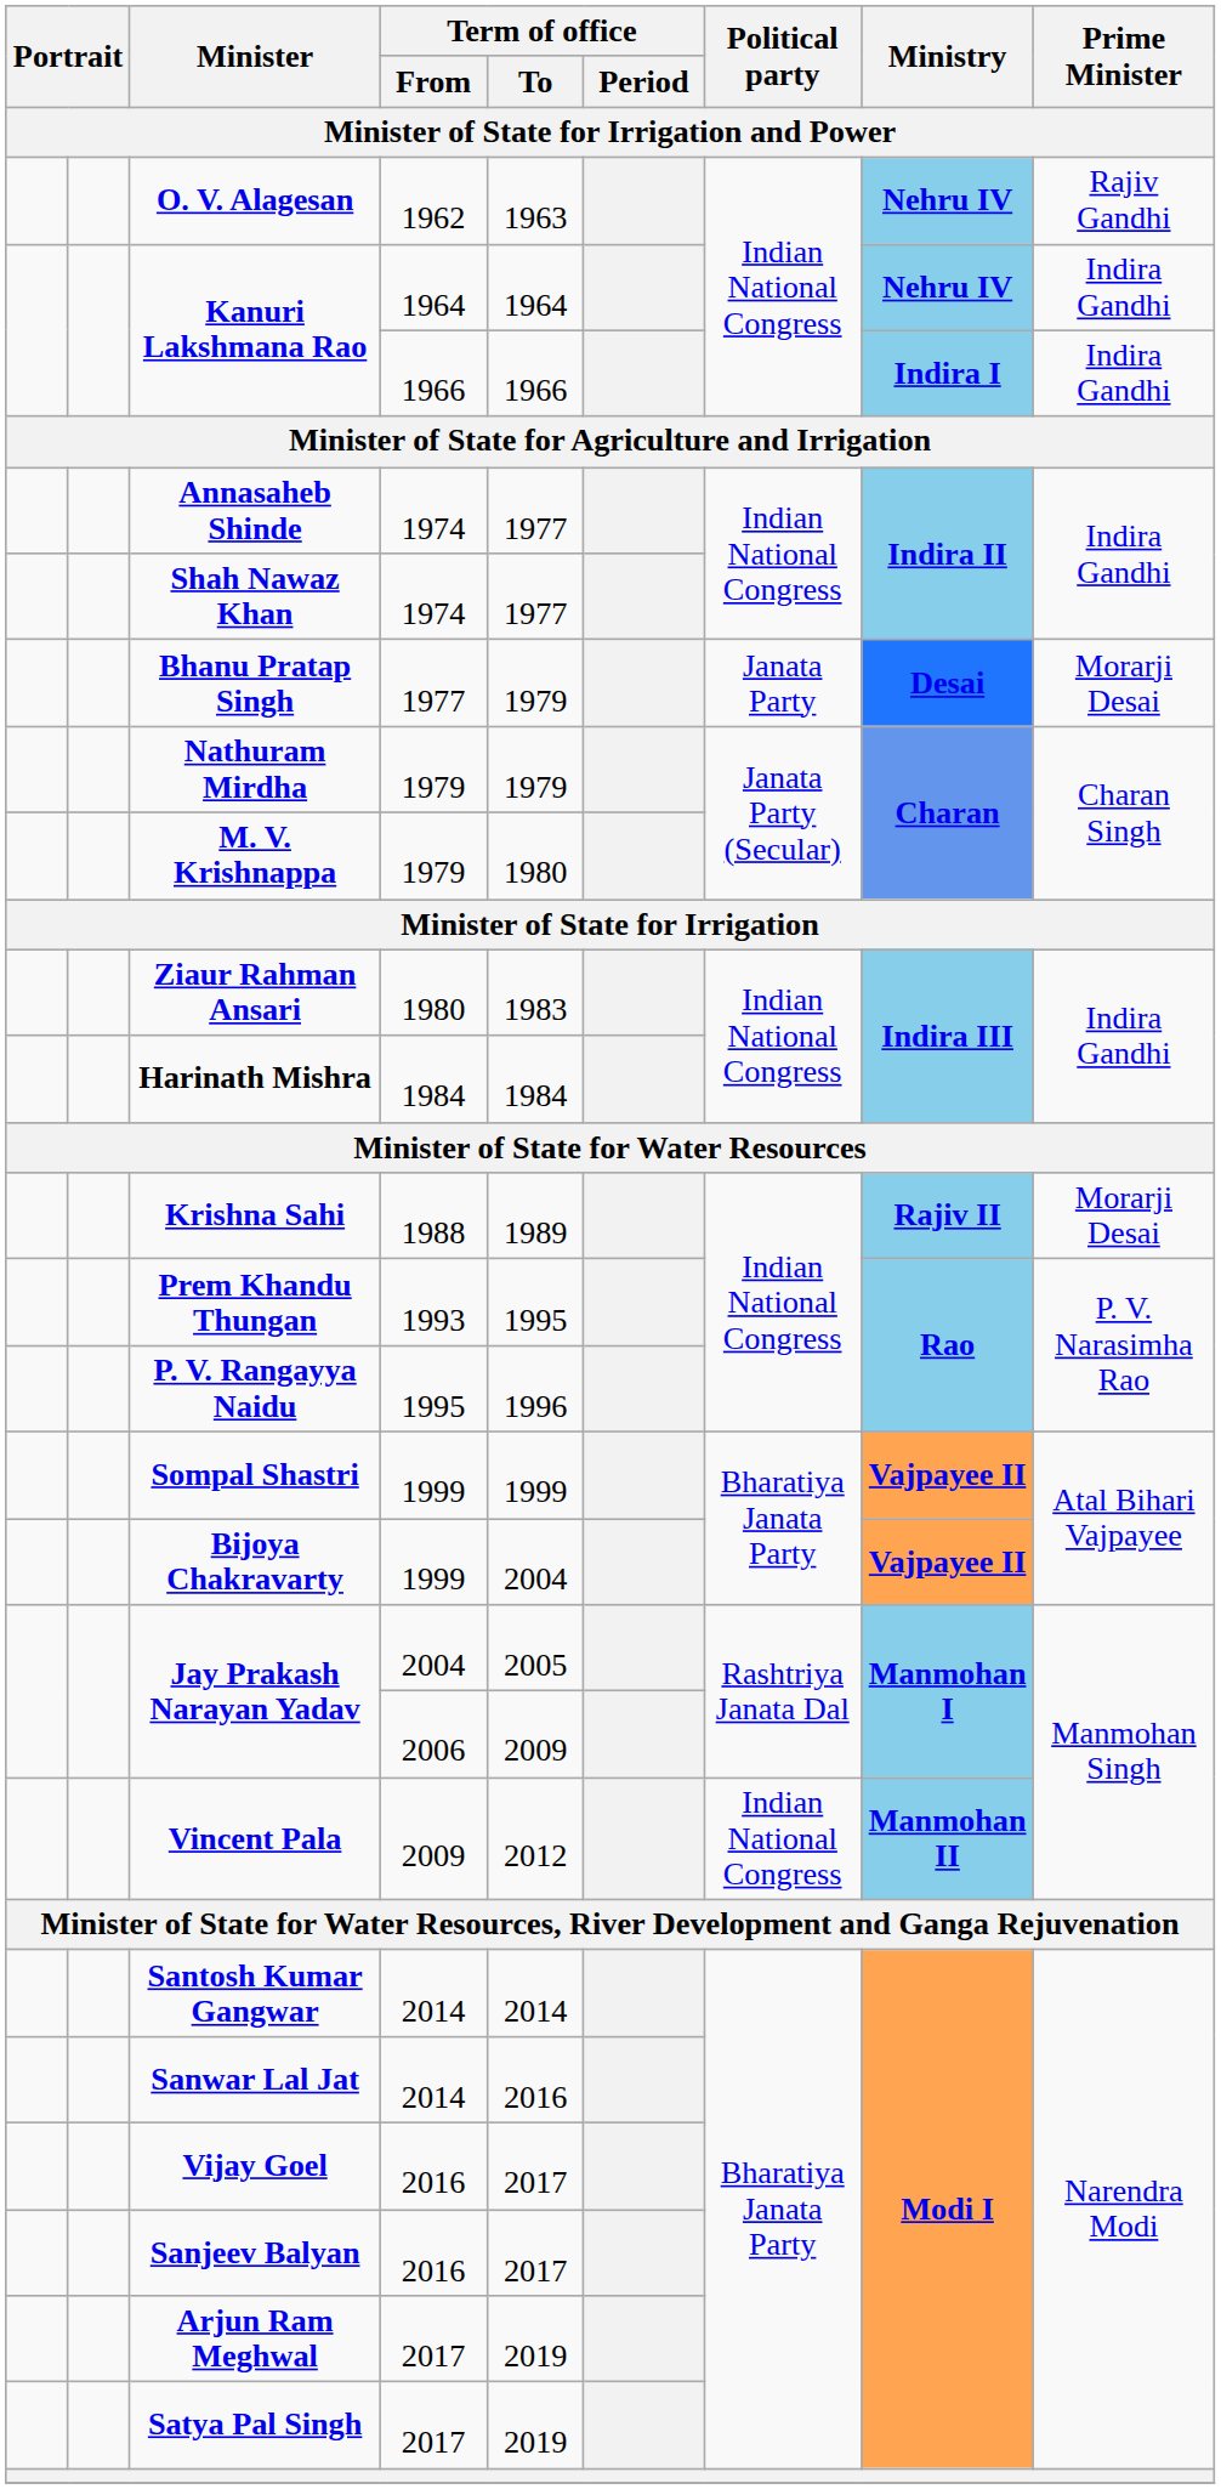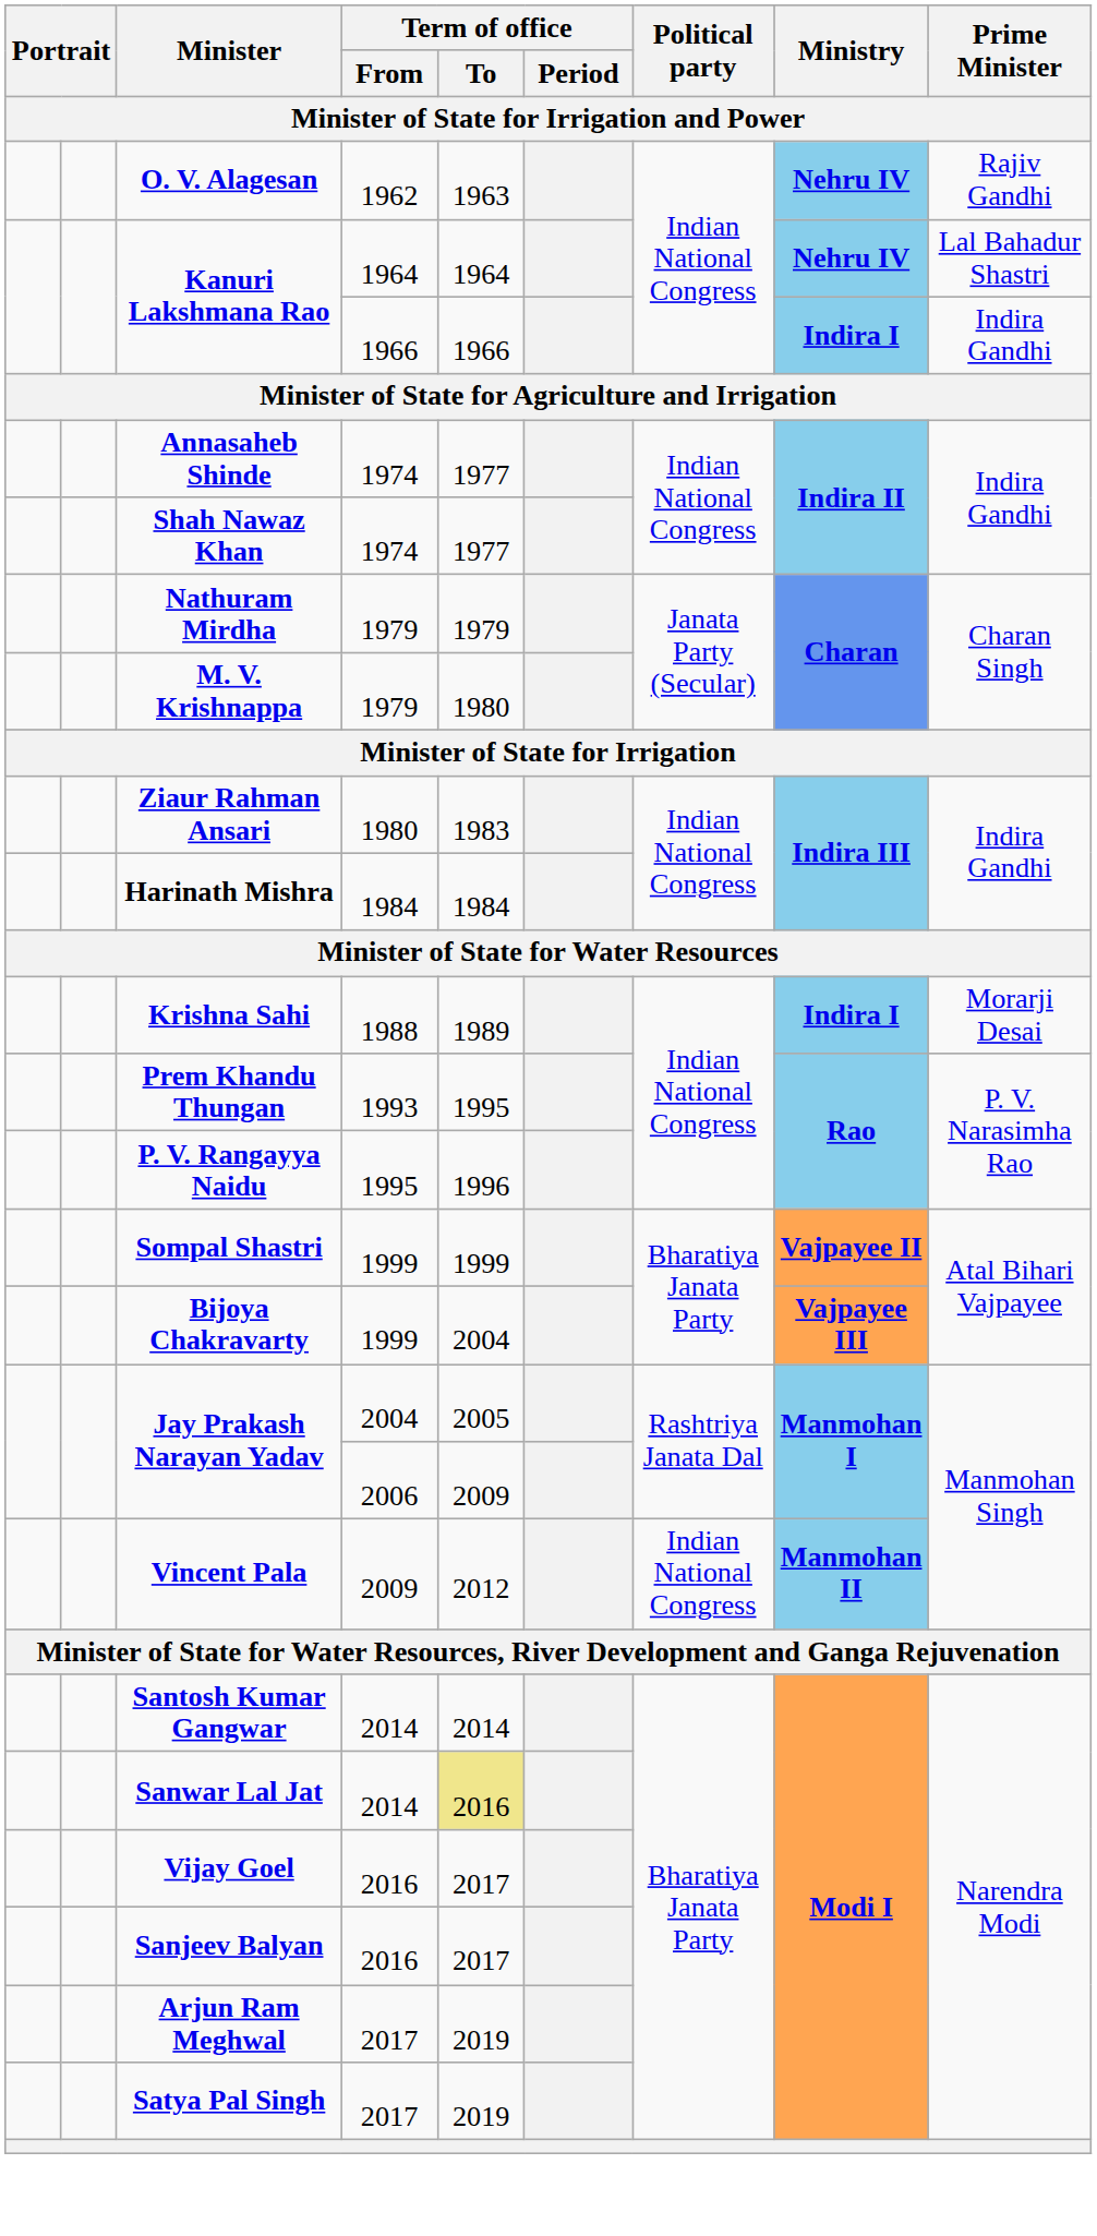 <table class="wikitable" style="text-align:center">
 <tr>
 <th rowspan="2" colspan="2">Portrait</th>
 <th rowspan="2" style="width:18em">Minister<br></th>
 <th colspan="3">Term of office</th>
 <th rowspan="2" style="width:8em">Political party</th>
 <th rowspan="2">Ministry</th>
 <th rowspan="2" style="width:9em">Prime Minister</th>
 </tr>
 <tr>
 <th style="width:6em">From</th>
 <th style="width:6em">To</th>
 <th style="width:6em">Period</th>
 </tr>
 <tr>
 <th colspan="9">Minister of State for Irrigation and Power</th>
 </tr>
 <tr>
 <td></td>
 <td></td>
 <td><strong><a href='#'>O. V. Alagesan</a></strong><br></td>
 <td><br>1962</td>
 <td><br>1963</td>
 <th></th>
 <td rowspan="3"><a href='#'>Indian National Congress</a></td>
 <td bgcolor="#87CEEB"><strong><a href='#'>Nehru IV</a></strong></td>
 <td><a href='#'>Rajiv Gandhi</a></td>
 </tr>
 <tr>
 <td rowspan="2"></td>
 <td rowspan="2"></td>
 <td rowspan="2"><strong><a href='#'>Kanuri Lakshmana Rao</a></strong><br></td>
 <td><br>1964</td>
 <td><br>1964</td>
 <th></th>
 <td bgcolor="#87CEEB"><strong><a href='#'>Nehru IV</a></strong></td>
-<td><a href='#'>Indira Gandhi</a></td>
+<td><a href='#'>Lal Bahadur Shastri</a></td>
 </tr>
 <tr>
 <td><br>1966</td>
 <td><br>1966</td>
 <th></th>
 <td bgcolor="#87CEEB"><strong><a href='#'>Indira I</a></strong></td>
 <td><a href='#'>Indira Gandhi</a></td>
 </tr>
 <tr>
 <th colspan="9">Minister of State for Agriculture and Irrigation</th>
 </tr>
 <tr>
 <td></td>
 <td></td>
 <td><strong><a href='#'>Annasaheb Shinde</a></strong><br></td>
 <td><br>1974</td>
 <td><br>1977</td>
 <th></th>
 <td rowspan="2"><a href='#'>Indian National Congress</a></td>
 <td rowspan="2" bgcolor="#87CEEB"><strong><a href='#'>Indira II</a></strong></td>
 <td rowspan="2"><a href='#'>Indira Gandhi</a></td>
 </tr>
 <tr>
 <td></td>
 <td></td>
 <td><strong><a href='#'>Shah Nawaz Khan</a></strong><br></td>
 <td><br>1974</td>
 <td><br>1977</td>
 <th></th>
-</tr>
-<tr>
-<td></td>
-<td></td>
-<td><strong><a href='#'>Bhanu Pratap Singh</a></strong><br></td>
-<td><br>1977</td>
-<td><br>1979</td>
-<th></th>
-<td><a href='#'>Janata Party</a></td>
-<td bgcolor="#1F75FE"><strong><a href='#'>Desai</a></strong></td>
-<td><a href='#'>Morarji Desai</a></td>
 </tr>
 <tr>
 <td></td>
 <td></td>
 <td><strong><a href='#'>Nathuram Mirdha</a></strong><br></td>
 <td><br>1979</td>
 <td><br>1979</td>
 <th></th>
 <td rowspan="2"><a href='#'>Janata Party (Secular)</a></td>
 <td rowspan="2" bgcolor="#6495ED"><strong><a href='#'>Charan</a></strong></td>
 <td rowspan="2"><a href='#'>Charan Singh</a></td>
 </tr>
 <tr>
 <td></td>
 <td></td>
 <td><strong><a href='#'>M. V. Krishnappa</a></strong><br></td>
 <td><br>1979</td>
 <td><br>1980</td>
 <th></th>
 </tr>
 <tr>
 <th colspan="9">Minister of State for Irrigation</th>
 </tr>
 <tr>
 <td></td>
 <td></td>
 <td><strong><a href='#'>Ziaur Rahman Ansari</a></strong><br></td>
 <td><br>1980</td>
 <td><br>1983</td>
 <th></th>
 <td rowspan="2"><a href='#'>Indian National Congress</a></td>
 <td rowspan="2" bgcolor="#87CEEB"><strong><a href='#'>Indira III</a></strong></td>
 <td rowspan="2"><a href='#'>Indira Gandhi</a></td>
 </tr>
 <tr>
 <td></td>
 <td></td>
 <td><strong>Harinath Mishra</strong><br></td>
 <td><br>1984</td>
 <td><br>1984</td>
 <th></th>
 </tr>
 <tr>
 <th colspan="9">Minister of State for Water Resources</th>
 </tr>
 <tr>
 <td></td>
 <td></td>
 <td><strong><a href='#'>Krishna Sahi</a></strong><br></td>
 <td><br>1988</td>
 <td><br>1989</td>
 <th></th>
 <td rowspan="3"><a href='#'>Indian National Congress</a></td>
-<td bgcolor="#87CEEB"><strong><a href='#'>Rajiv II</a></strong></td>
+<td bgcolor="#87CEEB"><strong><a href='#'>Indira I</a></strong></td>
 <td><a href='#'>Morarji Desai</a></td>
 </tr>
 <tr>
 <td></td>
 <td></td>
 <td><strong><a href='#'>Prem Khandu Thungan</a></strong><br></td>
 <td><br>1993</td>
 <td><br>1995</td>
 <th></th>
 <td rowspan="2" bgcolor="#87CEEB"><a href='#'><strong>Rao</strong></a></td>
 <td rowspan="2"><a href='#'>P. V. Narasimha Rao</a></td>
 </tr>
 <tr>
 <td></td>
 <td></td>
 <td><strong><a href='#'>P. V. Rangayya Naidu</a></strong><br></td>
 <td><br>1995</td>
 <td><br>1996</td>
 <th></th>
 </tr>
 <tr>
 <td></td>
 <td></td>
 <td><strong><a href='#'>Sompal Shastri</a></strong><br></td>
 <td><br>1999</td>
 <td><br>1999</td>
 <th></th>
 <td rowspan="2"><a href='#'>Bharatiya Janata Party</a></td>
 <td style="background:#FFA551;"><strong><a href='#'>Vajpayee II</a></strong></td>
 <td rowspan="2"><a href='#'>Atal Bihari Vajpayee</a></td>
 </tr>
 <tr>
 <td></td>
 <td></td>
 <td><strong><a href='#'>Bijoya Chakravarty</a></strong><br></td>
 <td><br>1999</td>
 <td><br>2004</td>
 <th></th>
-<td style="background:#FFA551;"><strong><a href='#'>Vajpayee II</a></strong></td>
+<td style="background:#FFA551;"><strong><a href='#'>Vajpayee III</a></strong></td>
 </tr>
 <tr>
 <td rowspan="2"></td>
 <td rowspan="2"></td>
 <td rowspan="2"><strong><a href='#'>Jay Prakash Narayan Yadav</a></strong><br></td>
 <td><br>2004</td>
 <td><br>2005</td>
 <th></th>
 <td rowspan="2"><a href='#'>Rashtriya Janata Dal</a></td>
 <td rowspan="2" bgcolor="#87CEEB"><a href='#'><strong>Manmohan I</strong></a></td>
 <td rowspan="3"><a href='#'>Manmohan Singh</a></td>
 </tr>
 <tr>
 <td><br>2006</td>
 <td><br>2009</td>
 <th></th>
 </tr>
 <tr>
 <td></td>
 <td></td>
 <td><strong><a href='#'>Vincent Pala</a></strong><br></td>
 <td><br>2009</td>
 <td><br>2012</td>
 <th></th>
 <td><a href='#'>Indian National Congress</a></td>
 <td bgcolor="#87CEEB"><a href='#'><strong>Manmohan II</strong></a></td>
 </tr>
 <tr>
 <th colspan="9">Minister of State for Water Resources, River Development and Ganga Rejuvenation</th>
 </tr>
 <tr>
 <td></td>
 <td></td>
 <td><strong><a href='#'>Santosh Kumar Gangwar</a></strong><br></td>
 <td><br>2014</td>
 <td><br>2014</td>
 <th></th>
 <td rowspan="6"><a href='#'>Bharatiya Janata Party</a></td>
 <td rowspan="6" style="background:#FFA551;"><strong><a href='#'>Modi I</a></strong></td>
 <td rowspan="6"><a href='#'>Narendra Modi</a></td>
 </tr>
 <tr>
 <td></td>
 <td></td>
 <td><strong><a href='#'>Sanwar Lal Jat</a></strong><br></td>
 <td><br>2014</td>
-<td><br>2016</td>
+<td style="background: khaki;"><br>2016</td>
 <th></th>
 </tr>
 <tr>
 <td></td>
 <td></td>
 <td><strong><a href='#'>Vijay Goel</a></strong><br></td>
 <td><br>2016</td>
 <td><br>2017</td>
 <th></th>
 </tr>
 <tr>
 <td></td>
 <td></td>
 <td><strong><a href='#'>Sanjeev Balyan</a></strong><br></td>
 <td><br>2016</td>
 <td><br>2017</td>
 <th></th>
 </tr>
 <tr>
 <td></td>
 <td></td>
 <td><strong><a href='#'>Arjun Ram Meghwal</a></strong><br></td>
 <td><br>2017</td>
 <td><br>2019</td>
 <th></th>
 </tr>
 <tr>
 <td></td>
 <td></td>
 <td><strong><a href='#'>Satya Pal Singh</a></strong><br></td>
 <td><br>2017</td>
 <td><br>2019</td>
 <th></th>
 </tr>
 <tr>
 <th colspan="9"></th>
 </tr>
 <tr>
 </tr>
 </table>
